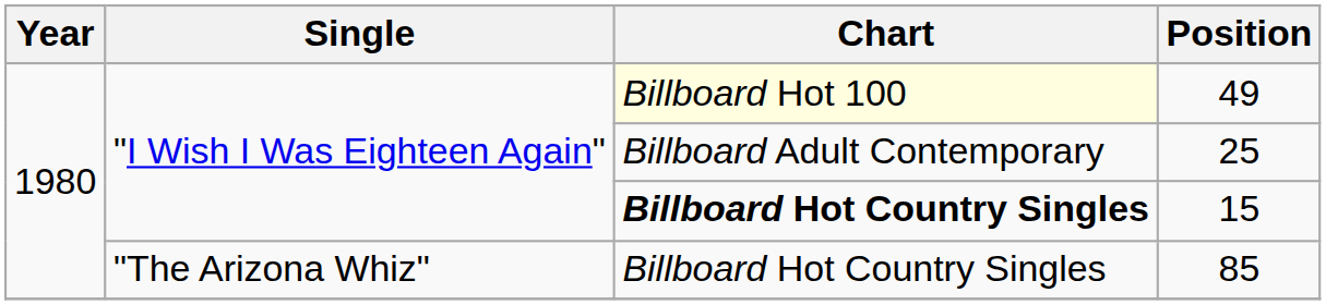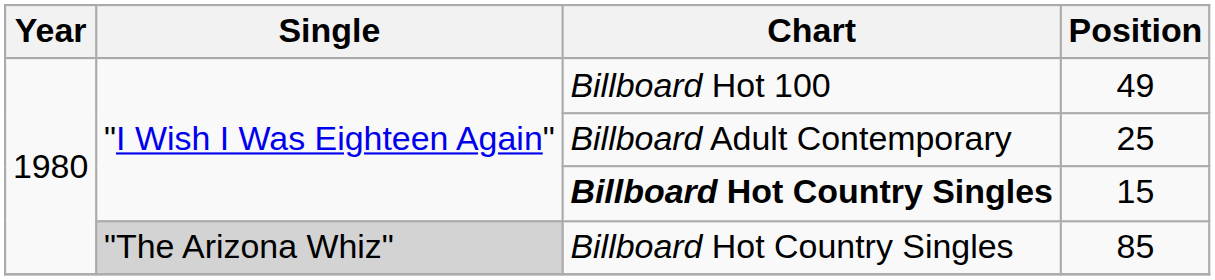 <table class="wikitable">
 <tr>
 <th>Year</th>
 <th>Single</th>
 <th>Chart</th>
 <th>Position</th>
 </tr>
 <tr>
 <td rowspan="4">1980</td>
 <td rowspan="3">"<a href='#'>I Wish I Was Eighteen Again</a>"</td>
-<td style="background: lightyellow;"><em>Billboard</em> Hot 100</td>
+<td><em>Billboard</em> Hot 100</td>
 <td align="center">49</td>
 </tr>
 <tr>
 <td><em>Billboard</em> Adult Contemporary</td>
 <td align="center">25</td>
 </tr>
 <tr>
 <td><strong><em>Billboard</em> Hot Country Singles</strong></td>
 <td align="center">15</td>
 </tr>
 <tr>
-<td>"The Arizona Whiz"</td>
+<td style="background: lightgrey;">"The Arizona Whiz"</td>
 <td><em>Billboard</em> Hot Country Singles</td>
 <td align="center">85</td>
 </tr>
 <tr>
 </tr>
 </table>
